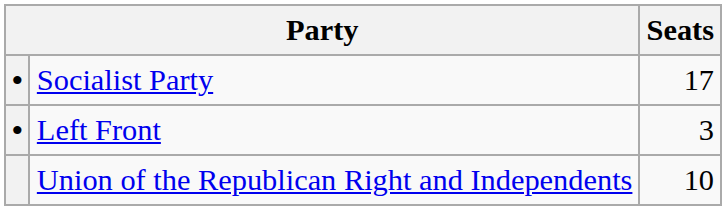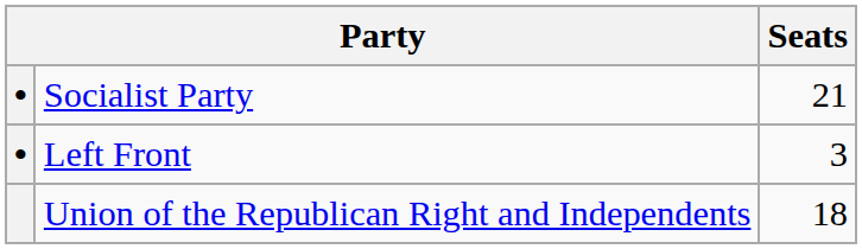 <table class="wikitable" style="font-size: 95%;">
 <tr>
 <th colspan=2>Party</th>
 <th>Seats</th>
 </tr>
 <tr>
 <th style="background-color: "><span>•</span></th>
 <td><a href='#'>Socialist Party</a></td>
-<td align="right">17</td>
+<td align="right">21</td>
 </tr>
 <tr>
 <th style="background-color: "><span>•</span></th>
 <td><a href='#'>Left Front</a></td>
 <td align="right">3</td>
 </tr>
 <tr>
 <th style="background-color: "></th>
 <td><a href='#'>Union of the Republican Right and Independents</a></td>
-<td align="right">10</td>
+<td align="right">18</td>
 </tr>
 <tr>
 </tr>
 </table>
